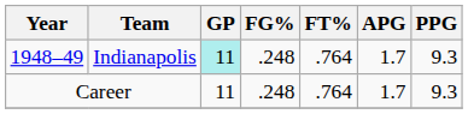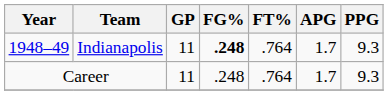 <table class="wikitable sortable" style="font-size:95%; text-align:right;">
 <tr>
 <th>Year</th>
 <th>Team</th>
 <th>GP</th>
 <th>FG%</th>
 <th>FT%</th>
 <th>APG</th>
 <th>PPG</th>
 </tr>
 <tr>
 <td style="text-align:left;"><a href='#'>1948–49</a></td>
 <td style="text-align:left;"><a href='#'>Indianapolis</a></td>
-<td style="background: paleturquoise;">11</td>
-<td>.248</td>
+<td>11</td>
+<td><strong>.248</strong></td>
 <td>.764</td>
 <td>1.7</td>
 <td>9.3</td>
 </tr>
 <tr>
 <td style="text-align:center;" colspan="2">Career</td>
 <td>11</td>
 <td>.248</td>
 <td>.764</td>
 <td>1.7</td>
 <td>9.3</td>
 </tr>
 <tr>
 </tr>
 </table>
